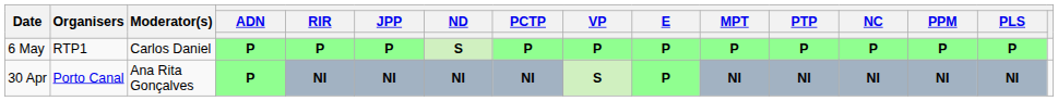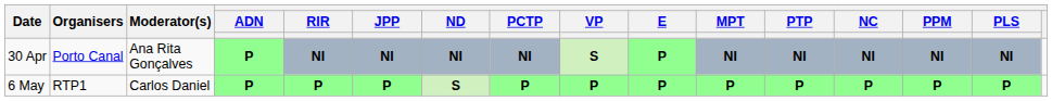 <table class="wikitable" style="text-align:center;">
 <tr>
 <th rowspan="3">Date</th>
 <th rowspan="3">Organisers</th>
 <th rowspan="3">Moderator(s)</th>
 <th colspan="13">          </th>
 </tr>
 <tr>
 <th scope="col" style="width:5em;"><a href='#'>ADN</a></th>
 <th scope="col" style="width:5em;"><a href='#'>RIR</a></th>
 <th scope="col" style="width:5em;"><a href='#'>JPP</a></th>
 <th scope="col" style="width:5em;"><a href='#'>ND</a></th>
 <th scope="col" style="width:5em;"><a href='#'>PCTP</a></th>
 <th scope="col" style="width:5em;"><a href='#'>VP</a></th>
 <th scope="col" style="width:5em;"><a href='#'>E</a></th>
 <th scope="col" style="width:5em;"><a href='#'>MPT</a></th>
 <th scope="col" style="width:5em;"><a href='#'>PTP</a></th>
 <th scope="col" style="width:5em;"><a href='#'>NC</a></th>
 <th scope="col" style="width:5em;"><a href='#'>PPM</a></th>
 <th scope="col" style="width:5em;"><a href='#'>PLS</a></th>
 <th rowspan="2"></th>
 </tr>
 <tr>
 <th style="color:inherit;background:"></th>
 <th style="color:inherit;background:"></th>
 <th style="color:inherit;background:"></th>
 <th style="color:inherit;background:"></th>
 <th style="color:inherit;background:"></th>
 <th style="color:inherit;background:"></th>
 <th style="color:inherit;background:"></th>
 <th style="color:inherit;background:"></th>
 <th style="color:inherit;background:"></th>
 <th style="color:inherit;background:"></th>
 <th style="color:inherit;background:"></th>
 <th style="color:inherit;background:"></th>
 </tr>
 <tr>
+<td style="white-space:nowrap; text-align:left;">30 Apr</td>
+<td style="white-space:nowrap; text-align:left;"><a href='#'>Porto Canal</a></td>
+<td style="white-space:nowrap; text-align:left;">Ana Rita<br>Gonçalves</td>
+<td style="background:#90FF90;"><strong>P</strong><br></td>
+<td style="background:#A2B2C2;"><strong>NI</strong></td>
+<td style="background:#A2B2C2;"><strong>NI</strong></td>
+<td style="background:#A2B2C2;"><strong>NI</strong></td>
+<td style="background:#A2B2C2;"><strong>NI</strong></td>
+<td style="background:#D0F0C0;"><strong>S</strong><br></td>
+<td style="background:#90FF90;"><strong>P</strong><br></td>
+<td style="background:#A2B2C2;"><strong>NI</strong></td>
+<td style="background:#A2B2C2;"><strong>NI</strong></td>
+<td style="background:#A2B2C2;"><strong>NI</strong></td>
+<td style="background:#A2B2C2;"><strong>NI</strong></td>
+<td style="background:#A2B2C2;"><strong>NI</strong></td>
+<td></td>
+</tr>
+<tr>
 <td style="white-space:nowrap; text-align:left;">6 May</td>
 <td style="white-space:nowrap; text-align:left;">RTP1</td>
 <td style="white-space:nowrap; text-align:left;">Carlos Daniel</td>
 <td style="background:#90FF90;"><strong>P</strong><br></td>
 <td style="background:#90FF90;"><strong>P</strong><br></td>
 <td style="background:#90FF90;"><strong>P</strong><br></td>
 <td style="background:#D0F0C0;"><strong>S</strong><br></td>
 <td style="background:#90FF90;"><strong>P</strong><br></td>
 <td style="background:#90FF90;"><strong>P</strong><br></td>
 <td style="background:#90FF90;"><strong>P</strong><br></td>
 <td style="background:#90FF90;"><strong>P</strong><br></td>
 <td style="background:#90FF90;"><strong>P</strong><br></td>
 <td style="background:#90FF90;"><strong>P</strong><br></td>
 <td style="background:#90FF90;"><strong>P</strong><br></td>
 <td style="background:#90FF90;"><strong>P</strong><br></td>
 <td></td>
 </tr>
-<tr>
-<td style="white-space:nowrap; text-align:left;">30 Apr</td>
-<td style="white-space:nowrap; text-align:left;"><a href='#'>Porto Canal</a></td>
-<td style="white-space:nowrap; text-align:left;">Ana Rita<br>Gonçalves</td>
-<td style="background:#90FF90;"><strong>P</strong><br></td>
-<td style="background:#A2B2C2;"><strong>NI</strong></td>
-<td style="background:#A2B2C2;"><strong>NI</strong></td>
-<td style="background:#A2B2C2;"><strong>NI</strong></td>
-<td style="background:#A2B2C2;"><strong>NI</strong></td>
-<td style="background:#D0F0C0;"><strong>S</strong><br></td>
-<td style="background:#90FF90;"><strong>P</strong><br></td>
-<td style="background:#A2B2C2;"><strong>NI</strong></td>
-<td style="background:#A2B2C2;"><strong>NI</strong></td>
-<td style="background:#A2B2C2;"><strong>NI</strong></td>
-<td style="background:#A2B2C2;"><strong>NI</strong></td>
-<td style="background:#A2B2C2;"><strong>NI</strong></td>
-<td></td>
-</tr>
 </table>
